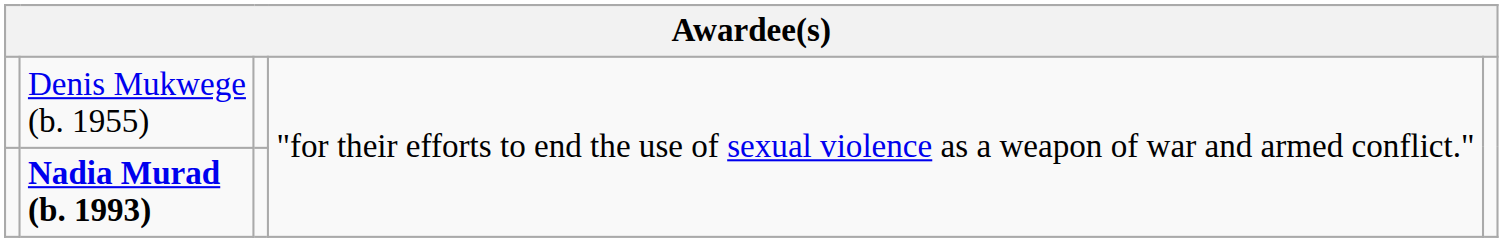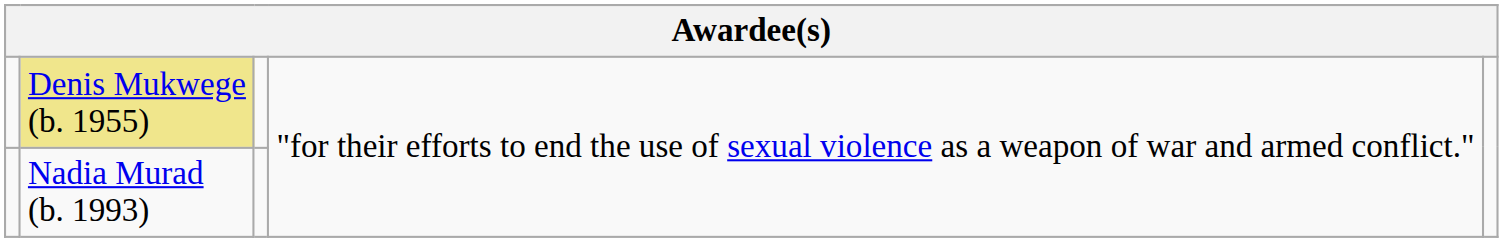 <table class="wikitable">
 <tr>
 <th colspan="5">Awardee(s)</th>
 </tr>
 <tr>
 <td></td>
-<td><a href='#'>Denis Mukwege</a><br>(b. 1955)</td>
+<td style="background: khaki;"><a href='#'>Denis Mukwege</a><br>(b. 1955)</td>
 <td></td>
 <td rowspan="2">"for their efforts to end the use of <a href='#'>sexual violence</a> as a weapon of war and armed conflict."</td>
 <td rowspan="2"></td>
 </tr>
 <tr>
 <td></td>
-<td><strong><a href='#'>Nadia Murad</a><br>(b. 1993)</strong></td>
+<td><a href='#'>Nadia Murad</a><br>(b. 1993)</td>
 <td></td>
 </tr>
 </table>
